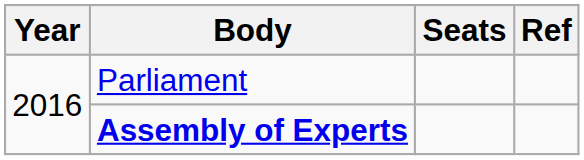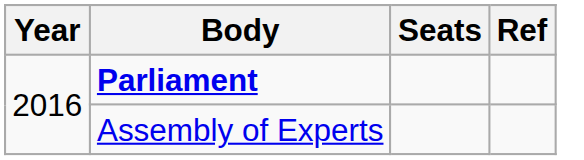 <table class="wikitable" style="font-size:95%;text-align:left;">
 <tr>
 <th>Year</th>
 <th>Body</th>
 <th>Seats</th>
 <th>Ref</th>
 </tr>
 <tr>
 <td rowspan=2>2016</td>
-<td><a href='#'>Parliament</a></td>
+<td><strong><a href='#'>Parliament</a></strong></td>
 <td></td>
 <td></td>
 </tr>
 <tr>
-<td><strong><a href='#'>Assembly of Experts</a></strong></td>
+<td><a href='#'>Assembly of Experts</a></td>
 <td></td>
 <td></td>
 </tr>
 </table>
